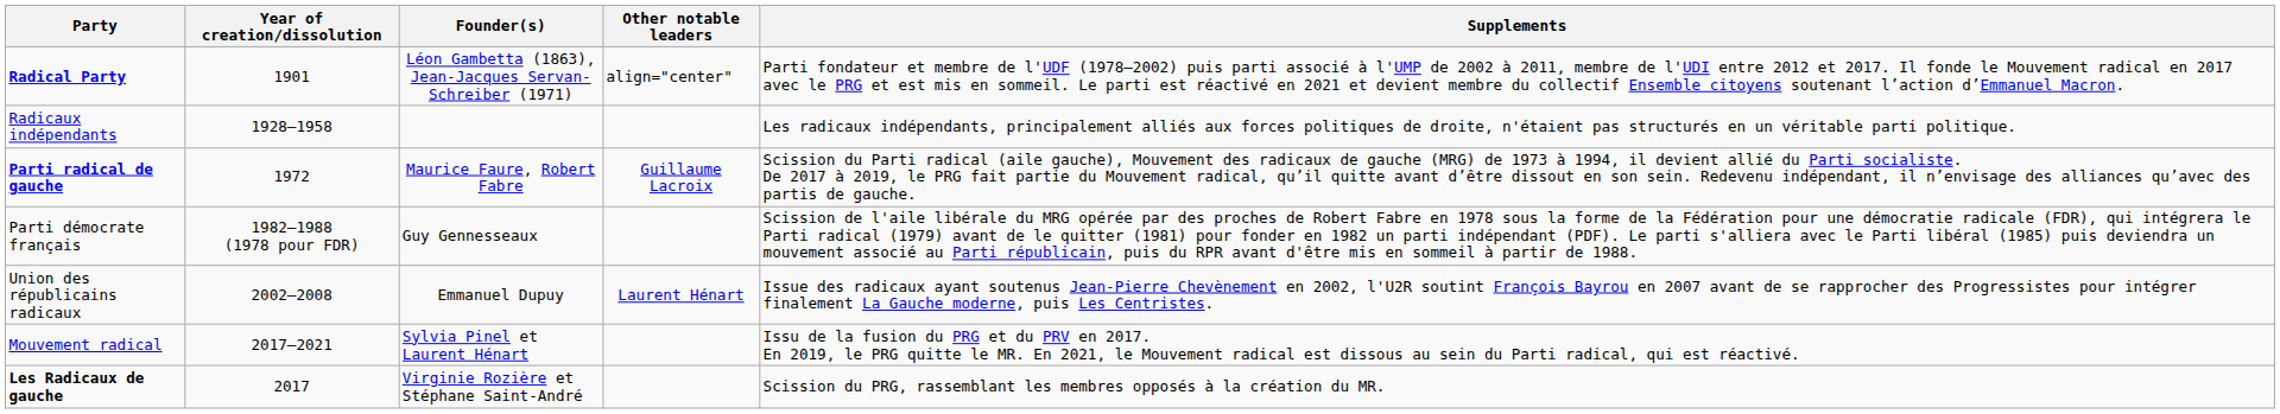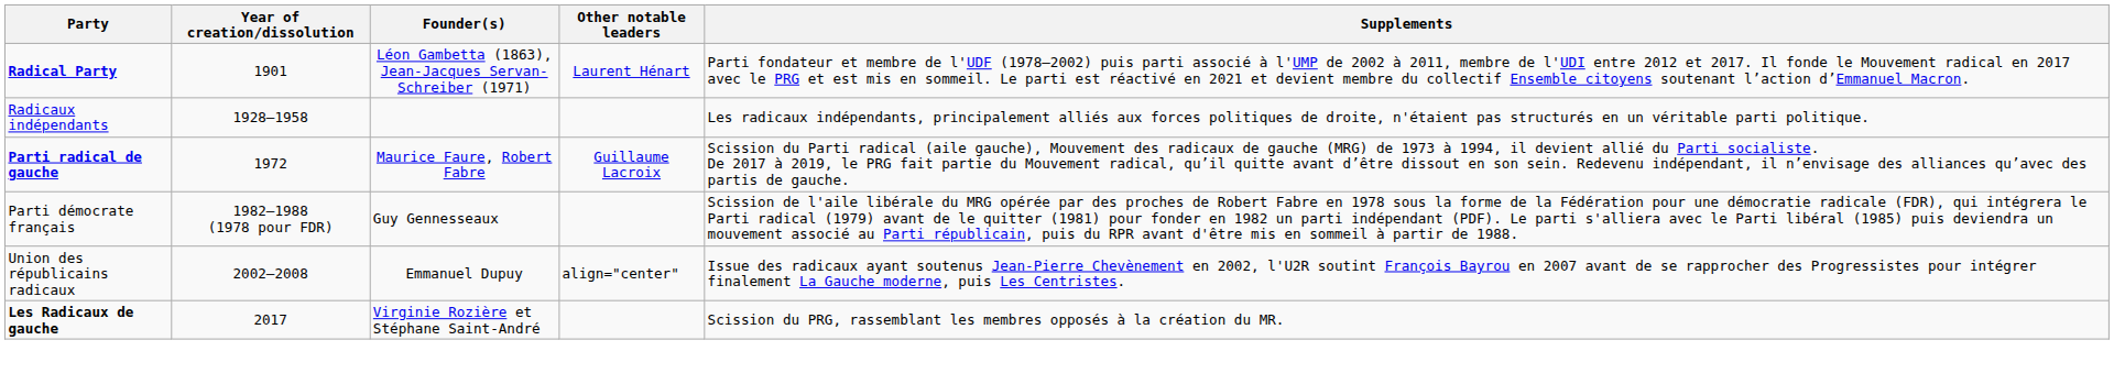 <table class="wikitable sortable" align="center">
 <tr>
 <th>Party</th>
 <th>Year of creation/dissolution</th>
 <th>Founder(s)</th>
 <th>Other notable leaders</th>
 <th>Supplements</th>
 </tr>
 <tr>
 <td><a href='#'><strong>Radical Party</strong></a></td>
 <td align="center">1901</td>
 <td align="center"><a href='#'>Léon Gambetta</a> (1863),<br><a href='#'>Jean-Jacques Servan-Schreiber</a> (1971)</td>
-<td>align="center"</td>
+<td align="center"><a href='#'>Laurent Hénart</a></td>
 <td>Parti fondateur et membre de l'<a href='#'>UDF</a> (1978–2002) puis parti associé à l'<a href='#'>UMP</a> de 2002 à 2011, membre de l'<a href='#'>UDI</a> entre 2012 et 2017. Il fonde le Mouvement radical en 2017 avec le <a href='#'>PRG</a> et est mis en sommeil. Le parti est réactivé en 2021 et devient membre du collectif <a href='#'>Ensemble citoyens</a> soutenant l’action d’<a href='#'>Emmanuel Macron</a>.</td>
 </tr>
 <tr>
 <td><a href='#'>Radicaux indépendants</a></td>
 <td align="center">1928–1958</td>
 <td></td>
 <td></td>
 <td>Les radicaux indépendants, principalement alliés aux forces politiques de droite, n'étaient pas structurés en un véritable parti politique.</td>
 </tr>
 <tr>
 <td><strong><a href='#'>Parti radical de gauche</a></strong></td>
 <td align="center">1972</td>
 <td align="center"><a href='#'>Maurice Faure</a>, <a href='#'>Robert Fabre</a></td>
 <td align="center"><a href='#'>Guillaume Lacroix</a></td>
 <td>Scission du Parti radical (aile gauche), Mouvement des radicaux de gauche (MRG) de 1973 à 1994, il devient allié du <a href='#'>Parti socialiste</a>.<br>De 2017 à 2019, le PRG fait partie du Mouvement radical, qu’il quitte avant d’être dissout en son sein. Redevenu indépendant, il n’envisage des alliances qu’avec des partis de gauche.</td>
 </tr>
 <tr>
 <td>Parti démocrate français</td>
 <td align="center">1982–1988<br>(1978 pour FDR)</td>
 <td>Guy Gennesseaux</td>
 <td></td>
 <td>Scission de l'aile libérale du MRG opérée par des proches de Robert Fabre en 1978 sous la forme de la Fédération pour une démocratie radicale (FDR), qui intégrera le Parti radical (1979) avant de le quitter (1981) pour fonder en 1982 un parti indépendant (PDF). Le parti s'alliera avec le Parti libéral (1985) puis deviendra un mouvement associé au <a href='#'>Parti républicain</a>, puis du RPR avant d'être mis en sommeil à partir de 1988.</td>
 </tr>
 <tr>
 <td>Union des républicains radicaux</td>
 <td align="center">2002–2008</td>
 <td align="center">Emmanuel Dupuy</td>
-<td align="center"><a href='#'>Laurent Hénart</a></td>
+<td>align="center"</td>
 <td>Issue des radicaux ayant soutenus <a href='#'>Jean-Pierre Chevènement</a> en 2002, l'U2R soutint <a href='#'>François Bayrou</a> en 2007 avant de se rapprocher des Progressistes pour intégrer finalement <a href='#'>La Gauche moderne</a>, puis <a href='#'>Les Centristes</a>.</td>
-</tr>
-<tr>
-<td><a href='#'>Mouvement radical</a></td>
-<td align="center">2017–2021</td>
-<td><a href='#'>Sylvia Pinel</a> et <a href='#'>Laurent Hénart</a></td>
-<td></td>
-<td>Issu de la fusion du <a href='#'>PRG</a> et du <a href='#'>PRV</a> en 2017.<br>En 2019, le PRG quitte le MR. En 2021, le Mouvement radical est dissous au sein du Parti radical, qui est réactivé.</td>
 </tr>
 <tr>
 <td><strong>Les Radicaux de gauche</strong></td>
 <td align="center">2017</td>
 <td><a href='#'>Virginie Rozière</a> et Stéphane Saint-André</td>
 <td></td>
 <td>Scission du PRG, rassemblant les membres opposés à la création du MR.</td>
 </tr>
 </table>
